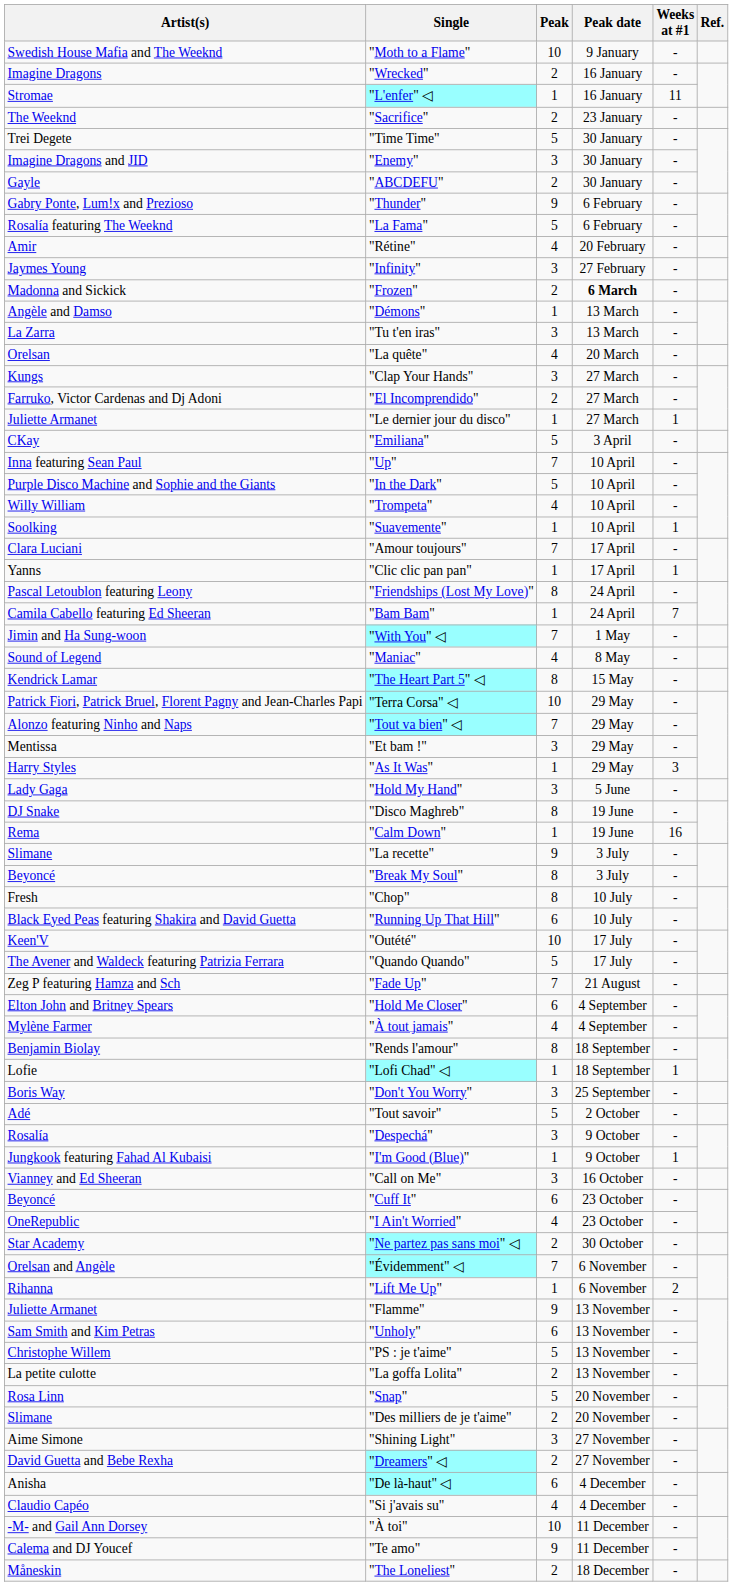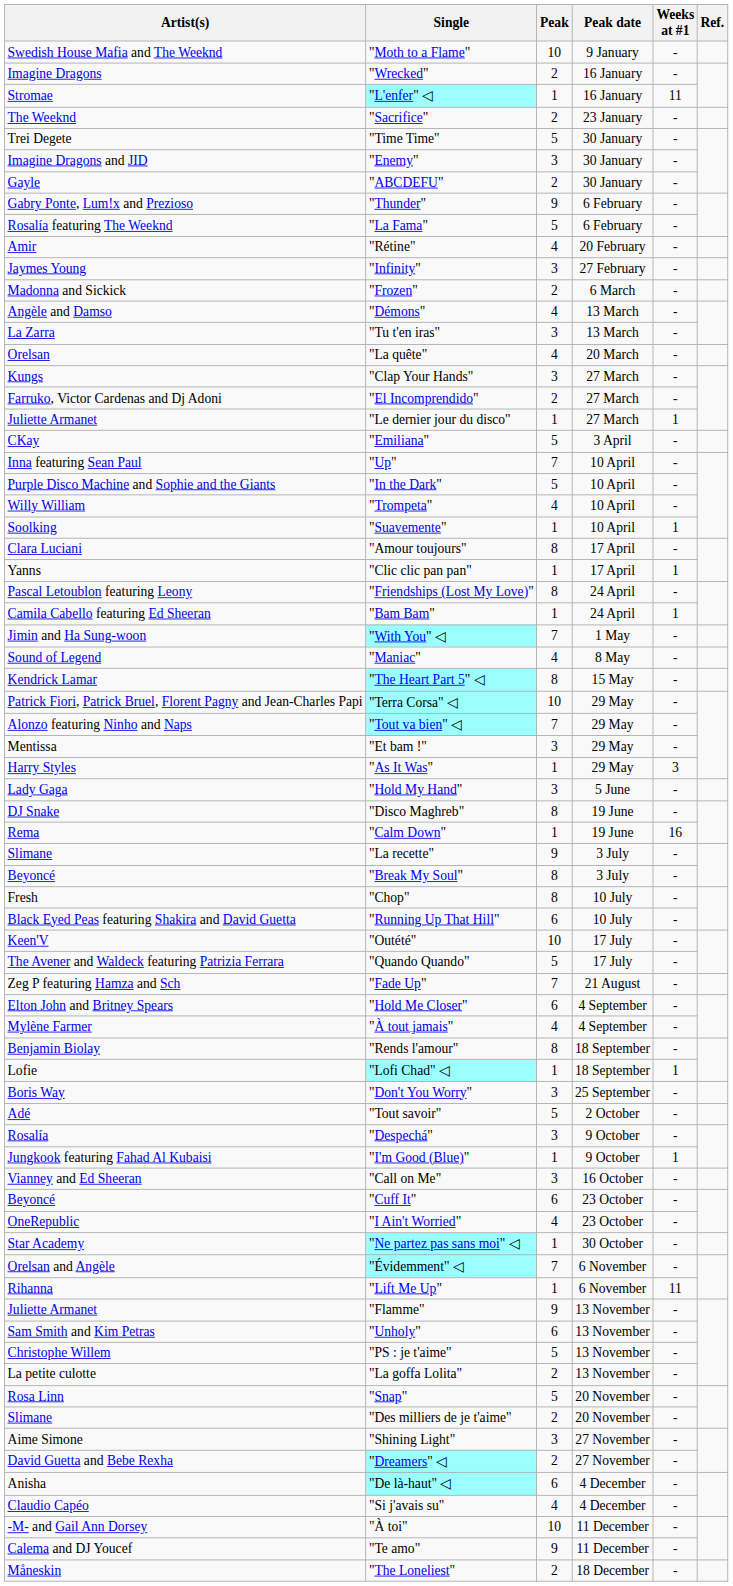 <table class="wikitable sortable">
 <tr>
 <th>Artist(s)</th>
 <th>Single</th>
 <th>Peak</th>
 <th>Peak date</th>
 <th>Weeks<br>at #1</th>
 <th>Ref.</th>
 </tr>
 <tr>
 <td><a href='#'>Swedish House Mafia</a> and <a href='#'>The Weeknd</a></td>
 <td>"<a href='#'>Moth to a Flame</a>"</td>
 <td style="text-align: center;">10</td>
 <td style="text-align: center;">9 January</td>
 <td style="text-align: center;">-</td>
 <td style="text-align: center;"></td>
 </tr>
 <tr>
 <td><a href='#'>Imagine Dragons</a></td>
 <td>"<a href='#'>Wrecked</a>"</td>
 <td style="text-align: center;">2</td>
 <td style="text-align: center;">16 January</td>
 <td style="text-align: center;">-</td>
 <td rowspan="2" style="text-align: center;"></td>
 </tr>
 <tr>
 <td><a href='#'>Stromae</a></td>
 <td style="background:#9ff;">"<a href='#'>L'enfer</a>" ◁</td>
 <td style="text-align: center;">1</td>
 <td style="text-align: center;">16 January</td>
 <td style="text-align: center;">11</td>
 </tr>
 <tr>
 <td><a href='#'>The Weeknd</a></td>
 <td>"<a href='#'>Sacrifice</a>"</td>
 <td style="text-align: center;">2</td>
 <td style="text-align: center;">23 January</td>
 <td style="text-align: center;">-</td>
 <td style="text-align: center;"></td>
 </tr>
 <tr>
 <td>Trei Degete</td>
 <td>"Time Time"</td>
 <td style="text-align: center;">5</td>
 <td style="text-align: center;">30 January</td>
 <td style="text-align: center;">-</td>
 <td rowspan="3" style="text-align: center;"></td>
 </tr>
 <tr>
 <td><a href='#'>Imagine Dragons</a> and <a href='#'>JID</a></td>
 <td>"<a href='#'>Enemy</a>"</td>
 <td style="text-align: center;">3</td>
 <td style="text-align: center;">30 January</td>
 <td style="text-align: center;">-</td>
 </tr>
 <tr>
 <td><a href='#'>Gayle</a></td>
 <td>"<a href='#'>ABCDEFU</a>"</td>
 <td style="text-align: center;">2</td>
 <td style="text-align: center;">30 January</td>
 <td style="text-align: center;">-</td>
 </tr>
 <tr>
 <td><a href='#'>Gabry Ponte</a>, <a href='#'>Lum!x</a> and <a href='#'>Prezioso</a></td>
 <td>"<a href='#'>Thunder</a>"</td>
 <td style="text-align: center;">9</td>
 <td style="text-align: center;">6 February</td>
 <td style="text-align: center;">-</td>
 <td rowspan="2" style="text-align: center;"></td>
 </tr>
 <tr>
 <td><a href='#'>Rosalía</a> featuring <a href='#'>The Weeknd</a></td>
 <td>"<a href='#'>La Fama</a>"</td>
 <td style="text-align: center;">5</td>
 <td style="text-align: center;">6 February</td>
 <td style="text-align: center;">-</td>
 </tr>
 <tr>
 <td><a href='#'>Amir</a></td>
 <td>"Rétine"</td>
 <td style="text-align: center;">4</td>
 <td style="text-align: center;">20 February</td>
 <td style="text-align: center;">-</td>
 <td style="text-align: center;"></td>
 </tr>
 <tr>
 <td><a href='#'>Jaymes Young</a></td>
 <td>"<a href='#'>Infinity</a>"</td>
 <td style="text-align: center;">3</td>
 <td style="text-align: center;">27 February</td>
 <td style="text-align: center;">-</td>
 <td style="text-align: center;"></td>
 </tr>
 <tr>
 <td><a href='#'>Madonna</a> and Sickick</td>
 <td>"<a href='#'>Frozen</a>"</td>
 <td style="text-align: center;">2</td>
-<td style="text-align: center;"><strong>6 March</strong></td>
+<td style="text-align: center;">6 March</td>
 <td style="text-align: center;">-</td>
 <td style="text-align: center;"></td>
 </tr>
 <tr>
 <td><a href='#'>Angèle</a> and <a href='#'>Damso</a></td>
 <td>"<a href='#'>Démons</a>"</td>
-<td style="text-align: center;">1</td>
+<td style="text-align: center;">4</td>
 <td style="text-align: center;">13 March</td>
 <td style="text-align: center;">-</td>
 <td rowspan="2" style="text-align: center;"></td>
 </tr>
 <tr>
 <td><a href='#'>La Zarra</a></td>
 <td>"Tu t'en iras"</td>
 <td style="text-align: center;">3</td>
 <td style="text-align: center;">13 March</td>
 <td style="text-align: center;">-</td>
 </tr>
 <tr>
 <td><a href='#'>Orelsan</a></td>
 <td>"La quête"</td>
 <td style="text-align: center;">4</td>
 <td style="text-align: center;">20 March</td>
 <td style="text-align: center;">-</td>
 <td style="text-align: center;"></td>
 </tr>
 <tr>
 <td><a href='#'>Kungs</a></td>
 <td>"Clap Your Hands"</td>
 <td style="text-align: center;">3</td>
 <td style="text-align: center;">27 March</td>
 <td style="text-align: center;">-</td>
 <td rowspan="3" style="text-align: center;"></td>
 </tr>
 <tr>
 <td><a href='#'>Farruko</a>, Victor Cardenas and Dj Adoni</td>
 <td>"<a href='#'>El Incomprendido</a>"</td>
 <td style="text-align: center;">2</td>
 <td style="text-align: center;">27 March</td>
 <td style="text-align: center;">-</td>
 </tr>
 <tr>
 <td><a href='#'>Juliette Armanet</a></td>
 <td>"Le dernier jour du disco"</td>
 <td style="text-align: center;">1</td>
 <td style="text-align: center;">27 March</td>
 <td style="text-align: center;">1</td>
 </tr>
 <tr>
 <td><a href='#'>CKay</a></td>
 <td>"<a href='#'>Emiliana</a>"</td>
 <td style="text-align: center;">5</td>
 <td style="text-align: center;">3 April</td>
 <td style="text-align: center;">-</td>
 <td style="text-align: center;"></td>
 </tr>
 <tr>
 <td><a href='#'>Inna</a> featuring <a href='#'>Sean Paul</a></td>
 <td>"<a href='#'>Up</a>"</td>
 <td style="text-align: center;">7</td>
 <td style="text-align: center;">10 April</td>
 <td style="text-align: center;">-</td>
 <td rowspan="4" style="text-align: center;"></td>
 </tr>
 <tr>
 <td><a href='#'>Purple Disco Machine</a> and <a href='#'>Sophie and the Giants</a></td>
 <td>"<a href='#'>In the Dark</a>"</td>
 <td style="text-align: center;">5</td>
 <td style="text-align: center;">10 April</td>
 <td style="text-align: center;">-</td>
 </tr>
 <tr>
 <td><a href='#'>Willy William</a></td>
 <td>"<a href='#'>Trompeta</a>"</td>
 <td style="text-align: center;">4</td>
 <td style="text-align: center;">10 April</td>
 <td style="text-align: center;">-</td>
 </tr>
 <tr>
 <td><a href='#'>Soolking</a></td>
 <td>"<a href='#'>Suavemente</a>"</td>
 <td style="text-align: center;">1</td>
 <td style="text-align: center;">10 April</td>
 <td style="text-align: center;">1</td>
 </tr>
 <tr>
 <td><a href='#'>Clara Luciani</a></td>
 <td>"Amour toujours"</td>
-<td style="text-align: center;">7</td>
+<td style="text-align: center;">8</td>
 <td style="text-align: center;">17 April</td>
 <td style="text-align: center;">-</td>
 <td rowspan="2" style="text-align: center;"></td>
 </tr>
 <tr>
 <td>Yanns</td>
 <td>"Clic clic pan pan"</td>
 <td style="text-align: center;">1</td>
 <td style="text-align: center;">17 April</td>
 <td style="text-align: center;">1</td>
 </tr>
 <tr>
 <td><a href='#'>Pascal Letoublon</a> featuring <a href='#'>Leony</a></td>
 <td>"<a href='#'>Friendships (Lost My Love)</a>"</td>
 <td style="text-align: center;">8</td>
 <td style="text-align: center;">24 April</td>
 <td style="text-align: center;">-</td>
 <td rowspan="2" style="text-align: center;"></td>
 </tr>
 <tr>
 <td><a href='#'>Camila Cabello</a> featuring <a href='#'>Ed Sheeran</a></td>
 <td>"<a href='#'>Bam Bam</a>"</td>
 <td style="text-align: center;">1</td>
 <td style="text-align: center;">24 April</td>
-<td style="text-align: center;">7</td>
+<td style="text-align: center;">1</td>
 </tr>
 <tr>
 <td><a href='#'>Jimin</a> and <a href='#'>Ha Sung-woon</a></td>
 <td style="background:#9ff;">"<a href='#'>With You</a>" ◁</td>
 <td style="text-align: center;">7</td>
 <td style="text-align: center;">1 May</td>
 <td style="text-align: center;">-</td>
 <td style="text-align: center;"></td>
 </tr>
 <tr>
 <td><a href='#'>Sound of Legend</a></td>
 <td>"<a href='#'>Maniac</a>"</td>
 <td style="text-align: center;">4</td>
 <td style="text-align: center;">8 May</td>
 <td style="text-align: center;">-</td>
 <td style="text-align: center;"></td>
 </tr>
 <tr>
 <td><a href='#'>Kendrick Lamar</a></td>
 <td style="background:#9ff;">"<a href='#'>The Heart Part 5</a>" ◁</td>
 <td style="text-align: center;">8</td>
 <td style="text-align: center;">15 May</td>
 <td style="text-align: center;">-</td>
 <td style="text-align: center;"></td>
 </tr>
 <tr>
 <td><a href='#'>Patrick Fiori</a>, <a href='#'>Patrick Bruel</a>, <a href='#'>Florent Pagny</a> and Jean-Charles Papi</td>
 <td style="background:#9ff;">"Terra Corsa" ◁</td>
 <td style="text-align: center;">10</td>
 <td style="text-align: center;">29 May</td>
 <td style="text-align: center;">-</td>
 <td rowspan="4" style="text-align: center;"></td>
 </tr>
 <tr>
 <td><a href='#'>Alonzo</a> featuring <a href='#'>Ninho</a> and <a href='#'>Naps</a></td>
 <td style="background:#9ff;">"<a href='#'>Tout va bien</a>" ◁</td>
 <td style="text-align: center;">7</td>
 <td style="text-align: center;">29 May</td>
 <td style="text-align: center;">-</td>
 </tr>
 <tr>
 <td>Mentissa</td>
 <td>"Et bam !"</td>
 <td style="text-align: center;">3</td>
 <td style="text-align: center;">29 May</td>
 <td style="text-align: center;">-</td>
 </tr>
 <tr>
 <td><a href='#'>Harry Styles</a></td>
 <td>"<a href='#'>As It Was</a>"</td>
 <td style="text-align: center;">1</td>
 <td style="text-align: center;">29 May</td>
 <td style="text-align: center;">3</td>
 </tr>
 <tr>
 <td><a href='#'>Lady Gaga</a></td>
 <td>"<a href='#'>Hold My Hand</a>"</td>
 <td style="text-align: center;">3</td>
 <td style="text-align: center;">5 June</td>
 <td style="text-align: center;">-</td>
 <td style="text-align: center;"></td>
 </tr>
 <tr>
 <td><a href='#'>DJ Snake</a></td>
 <td>"Disco Maghreb"</td>
 <td style="text-align: center;">8</td>
 <td style="text-align: center;">19 June</td>
 <td style="text-align: center;">-</td>
 <td rowspan="2" style="text-align: center;"></td>
 </tr>
 <tr>
 <td><a href='#'>Rema</a></td>
 <td>"<a href='#'>Calm Down</a>"</td>
 <td style="text-align: center;">1</td>
 <td style="text-align: center;">19 June</td>
 <td style="text-align: center;">16</td>
 </tr>
 <tr>
 <td><a href='#'>Slimane</a></td>
 <td>"La recette"</td>
 <td style="text-align: center;">9</td>
 <td style="text-align: center;">3 July</td>
 <td style="text-align: center;">-</td>
 <td style="text-align: center;" rowspan="2"></td>
 </tr>
 <tr>
 <td><a href='#'>Beyoncé</a></td>
 <td>"<a href='#'>Break My Soul</a>"</td>
 <td style="text-align: center;">8</td>
 <td style="text-align: center;">3 July</td>
 <td style="text-align: center;">-</td>
 </tr>
 <tr>
 <td>Fresh</td>
 <td>"Chop"</td>
 <td style="text-align: center;">8</td>
 <td style="text-align: center;">10 July</td>
 <td style="text-align: center;">-</td>
 <td style="text-align: center;" rowspan="2"></td>
 </tr>
 <tr>
 <td><a href='#'>Black Eyed Peas</a> featuring <a href='#'>Shakira</a> and <a href='#'>David Guetta</a></td>
 <td>"<a href='#'>Running Up That Hill</a>"</td>
 <td style="text-align: center;">6</td>
 <td style="text-align: center;">10 July</td>
 <td style="text-align: center;">-</td>
 </tr>
 <tr>
 <td><a href='#'>Keen'V</a></td>
 <td>"Outété"</td>
 <td style="text-align: center;">10</td>
 <td style="text-align: center;">17 July</td>
 <td style="text-align: center;">-</td>
 <td style="text-align: center;" rowspan="2"></td>
 </tr>
 <tr>
 <td><a href='#'>The Avener</a> and <a href='#'>Waldeck</a> featuring <a href='#'>Patrizia Ferrara</a></td>
 <td>"Quando Quando"</td>
 <td style="text-align: center;">5</td>
 <td style="text-align: center;">17 July</td>
 <td style="text-align: center;">-</td>
 </tr>
 <tr>
 <td>Zeg P featuring <a href='#'>Hamza</a> and <a href='#'>Sch</a></td>
 <td>"<a href='#'>Fade Up</a>"</td>
 <td style="text-align: center;">7</td>
 <td style="text-align: center;">21 August</td>
 <td style="text-align: center;">-</td>
 <td style="text-align: center;"></td>
 </tr>
 <tr>
 <td><a href='#'>Elton John</a> and <a href='#'>Britney Spears</a></td>
 <td>"<a href='#'>Hold Me Closer</a>"</td>
 <td style="text-align: center;">6</td>
 <td style="text-align: center;">4 September</td>
 <td style="text-align: center;">-</td>
 <td style="text-align: center;" rowspan="2"></td>
 </tr>
 <tr>
 <td><a href='#'>Mylène Farmer</a></td>
 <td>"<a href='#'>À tout jamais</a>"</td>
 <td style="text-align: center;">4</td>
 <td style="text-align: center;">4 September</td>
 <td style="text-align: center;">-</td>
 </tr>
 <tr>
 <td><a href='#'>Benjamin Biolay</a></td>
 <td>"Rends l'amour"</td>
 <td style="text-align: center;">8</td>
 <td style="text-align: center;">18 September</td>
 <td style="text-align: center;">-</td>
 <td style="text-align: center;" rowspan="2"></td>
 </tr>
 <tr>
 <td>Lofie</td>
 <td style="background:#9ff;">"Lofi Chad" ◁</td>
 <td style="text-align: center;">1</td>
 <td style="text-align: center;">18 September</td>
 <td style="text-align: center;">1</td>
 </tr>
 <tr>
 <td><a href='#'>Boris Way</a></td>
 <td>"<a href='#'>Don't You Worry</a>"</td>
 <td style="text-align: center;">3</td>
 <td style="text-align: center;">25 September</td>
 <td style="text-align: center;">-</td>
 <td style="text-align: center;"></td>
 </tr>
 <tr>
 <td><a href='#'>Adé</a></td>
 <td>"Tout savoir"</td>
 <td style="text-align: center;">5</td>
 <td style="text-align: center;">2 October</td>
 <td style="text-align: center;">-</td>
 <td style="text-align: center;"></td>
 </tr>
 <tr>
 <td><a href='#'>Rosalía</a></td>
 <td>"<a href='#'>Despechá</a>"</td>
 <td style="text-align: center;">3</td>
 <td style="text-align: center;">9 October</td>
 <td style="text-align: center;">-</td>
 <td style="text-align: center;" rowspan="2"></td>
 </tr>
 <tr>
 <td><a href='#'>Jungkook</a> featuring <a href='#'>Fahad Al Kubaisi</a></td>
 <td>"<a href='#'>I'm Good (Blue)</a>"</td>
 <td style="text-align: center;">1</td>
 <td style="text-align: center;">9 October</td>
 <td style="text-align: center;">1</td>
 </tr>
 <tr>
 <td><a href='#'>Vianney</a> and <a href='#'>Ed Sheeran</a></td>
 <td>"Call on Me"</td>
 <td style="text-align: center;">3</td>
 <td style="text-align: center;">16 October</td>
 <td style="text-align: center;">-</td>
 <td style="text-align: center;"></td>
 </tr>
 <tr>
 <td><a href='#'>Beyoncé</a></td>
 <td>"<a href='#'>Cuff It</a>"</td>
 <td style="text-align: center;">6</td>
 <td style="text-align: center;">23 October</td>
 <td style="text-align: center;">-</td>
 <td style="text-align: center;" rowspan="2"></td>
 </tr>
 <tr>
 <td><a href='#'>OneRepublic</a></td>
 <td>"<a href='#'>I Ain't Worried</a>"</td>
 <td style="text-align: center;">4</td>
 <td style="text-align: center;">23 October</td>
 <td style="text-align: center;">-</td>
 </tr>
 <tr>
 <td><a href='#'>Star Academy</a></td>
 <td style="background:#9ff;">"<a href='#'>Ne partez pas sans moi</a>" ◁</td>
-<td style="text-align: center;">2</td>
+<td style="text-align: center;">1</td>
 <td style="text-align: center;">30 October</td>
 <td style="text-align: center;">-</td>
 <td style="text-align: center;"></td>
 </tr>
 <tr>
 <td><a href='#'>Orelsan</a> and <a href='#'>Angèle</a></td>
 <td style="background:#9ff;">"Évidemment" ◁</td>
 <td style="text-align: center;">7</td>
 <td style="text-align: center;">6 November</td>
 <td style="text-align: center;">-</td>
 <td style="text-align: center;" rowspan="2"></td>
 </tr>
 <tr>
 <td><a href='#'>Rihanna</a></td>
 <td>"<a href='#'>Lift Me Up</a>"</td>
 <td style="text-align: center;">1</td>
 <td style="text-align: center;">6 November</td>
-<td style="text-align: center;">2</td>
+<td style="text-align: center;">11</td>
 </tr>
 <tr>
 <td><a href='#'>Juliette Armanet</a></td>
 <td>"Flamme"</td>
 <td style="text-align: center;">9</td>
 <td style="text-align: center;">13 November</td>
 <td style="text-align: center;">-</td>
 <td style="text-align: center;" rowspan="4"></td>
 </tr>
 <tr>
 <td><a href='#'>Sam Smith</a> and <a href='#'>Kim Petras</a></td>
 <td>"<a href='#'>Unholy</a>"</td>
 <td style="text-align: center;">6</td>
 <td style="text-align: center;">13 November</td>
 <td style="text-align: center;">-</td>
 </tr>
 <tr>
 <td><a href='#'>Christophe Willem</a></td>
 <td>"PS : je t'aime"</td>
 <td style="text-align: center;">5</td>
 <td style="text-align: center;">13 November</td>
 <td style="text-align: center;">-</td>
 </tr>
 <tr>
 <td>La petite culotte</td>
 <td>"La goffa Lolita"</td>
 <td style="text-align: center;">2</td>
 <td style="text-align: center;">13 November</td>
 <td style="text-align: center;">-</td>
 </tr>
 <tr>
 <td><a href='#'>Rosa Linn</a></td>
 <td>"<a href='#'>Snap</a>"</td>
 <td style="text-align: center;">5</td>
 <td style="text-align: center;">20 November</td>
 <td style="text-align: center;">-</td>
 <td style="text-align: center;" rowspan="2"></td>
 </tr>
 <tr>
 <td><a href='#'>Slimane</a></td>
 <td>"Des milliers de je t'aime"</td>
 <td style="text-align: center;">2</td>
 <td style="text-align: center;">20 November</td>
 <td style="text-align: center;">-</td>
 </tr>
 <tr>
 <td>Aime Simone</td>
 <td>"Shining Light"</td>
 <td style="text-align: center;">3</td>
 <td style="text-align: center;">27 November</td>
 <td style="text-align: center;">-</td>
 <td style="text-align: center;" rowspan="2"></td>
 </tr>
 <tr>
 <td><a href='#'>David Guetta</a> and <a href='#'>Bebe Rexha</a></td>
 <td style="background:#9ff;">"<a href='#'>Dreamers</a>" ◁</td>
 <td style="text-align: center;">2</td>
 <td style="text-align: center;">27 November</td>
 <td style="text-align: center;">-</td>
 </tr>
 <tr>
 <td>Anisha</td>
 <td style="background:#9ff;">"De là-haut" ◁</td>
 <td style="text-align: center;">6</td>
 <td style="text-align: center;">4 December</td>
 <td style="text-align: center;">-</td>
 <td style="text-align: center;" rowspan="2"></td>
 </tr>
 <tr>
 <td><a href='#'>Claudio Capéo</a></td>
 <td>"Si j'avais su"</td>
 <td style="text-align: center;">4</td>
 <td style="text-align: center;">4 December</td>
 <td style="text-align: center;">-</td>
 </tr>
 <tr>
 <td><a href='#'>-M-</a> and <a href='#'>Gail Ann Dorsey</a></td>
 <td>"À toi"</td>
 <td style="text-align: center;">10</td>
 <td style="text-align: center;">11 December</td>
 <td style="text-align: center;">-</td>
 <td style="text-align: center;" rowspan="2"></td>
 </tr>
 <tr>
 <td><a href='#'>Calema</a> and DJ Youcef</td>
 <td>"Te amo"</td>
 <td style="text-align: center;">9</td>
 <td style="text-align: center;">11 December</td>
 <td style="text-align: center;">-</td>
 </tr>
 <tr>
 <td><a href='#'>Måneskin</a></td>
 <td>"<a href='#'>The Loneliest</a>"</td>
 <td style="text-align: center;">2</td>
 <td style="text-align: center;">18 December</td>
 <td style="text-align: center;">-</td>
 <td style="text-align: center;"></td>
 </tr>
 </table>
